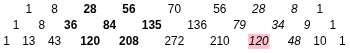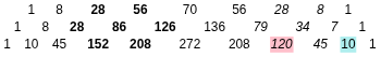 <table style="text-align:center;">
 <tr>
 <td></td>
 <td></td>
 <td></td>
 <td>1</td>
 <td></td>
 <td>8</td>
 <td></td>
 <td><strong>28</strong></td>
 <td></td>
 <td><strong>56</strong></td>
 <td></td>
 <td>70</td>
 <td></td>
 <td>56</td>
 <td></td>
 <td><em>28</em></td>
 <td></td>
 <td><em>8</em></td>
 <td></td>
 <td>1</td>
 <td></td>
 </tr>
 <tr>
 <td></td>
 <td></td>
 <td>1</td>
 <td></td>
 <td>8</td>
 <td></td>
-<td><strong>36</strong></td>
+<td><strong>28</strong></td>
 <td></td>
-<td><span><strong>84</strong></span></td>
+<td><span><strong>86</strong></span></td>
 <td></td>
-<td><strong>135</strong></td>
+<td><strong>126</strong></td>
 <td></td>
 <td>136</td>
 <td></td>
 <td><em>79</em></td>
 <td></td>
 <td><span><em>34</em></span></td>
 <td></td>
-<td><em>9</em></td>
+<td><em>7</em></td>
 <td></td>
 <td>1</td>
 <td></td>
 </tr>
 <tr>
 <td></td>
 <td>1</td>
 <td></td>
-<td>13</td>
+<td>10</td>
 <td></td>
-<td>43</td>
+<td>45</td>
 <td></td>
-<td><strong>120</strong></td>
+<td><strong>152</strong></td>
 <td></td>
 <td><strong>208</strong></td>
 <td></td>
 <td>272</td>
 <td></td>
-<td>210</td>
+<td>208</td>
 <td></td>
 <td style="background: pink;"><em>120</em></td>
 <td></td>
-<td><em>48</em></td>
+<td><em>45</em></td>
 <td></td>
-<td>10</td>
+<td style="background: paleturquoise;">10</td>
 <td></td>
 <td>1</td>
 <td></td>
 </tr>
 </table>
